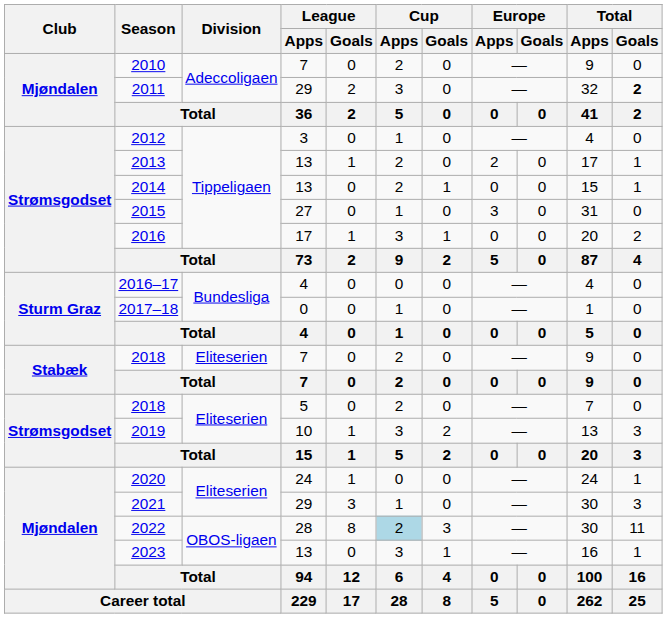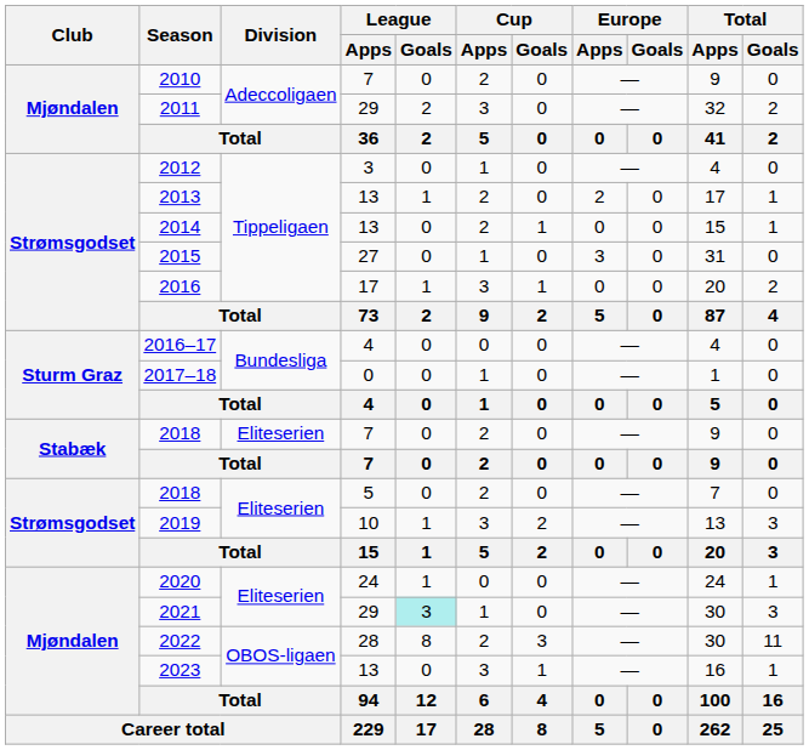 <table class="wikitable" style="text-align: center;">
 <tr>
 <th rowspan="2">Club</th>
 <th rowspan="2">Season</th>
 <th rowspan="2">Division</th>
 <th colspan="2">League</th>
 <th colspan="2">Cup</th>
 <th colspan="2">Europe</th>
 <th colspan="2">Total</th>
 </tr>
 <tr>
 <th>Apps</th>
 <th>Goals</th>
 <th>Apps</th>
 <th>Goals</th>
 <th>Apps</th>
 <th>Goals</th>
 <th>Apps</th>
 <th>Goals</th>
 </tr>
 <tr>
 <th rowspan="3" valign="center"><a href='#'>Mjøndalen</a></th>
 <td><a href='#'>2010</a></td>
 <td rowspan="2" valign="center"><a href='#'>Adeccoligaen</a></td>
 <td>7</td>
 <td>0</td>
 <td>2</td>
 <td>0</td>
 <td colspan="2">—</td>
 <td>9</td>
 <td>0</td>
 </tr>
 <tr>
 <td><a href='#'>2011</a></td>
 <td>29</td>
 <td>2</td>
 <td>3</td>
 <td>0</td>
 <td colspan="2">—</td>
 <td>32</td>
-<td><strong>2</strong></td>
+<td>2</td>
 </tr>
 <tr>
 <th colspan="2">Total</th>
 <th>36</th>
 <th>2</th>
 <th>5</th>
 <th>0</th>
 <th>0</th>
 <th>0</th>
 <th>41</th>
 <th>2</th>
 </tr>
 <tr>
 <th rowspan="6" valign="center"><a href='#'>Strømsgodset</a></th>
 <td><a href='#'>2012</a></td>
 <td rowspan="5" valign="center"><a href='#'>Tippeligaen</a></td>
 <td>3</td>
 <td>0</td>
 <td>1</td>
 <td>0</td>
 <td colspan="2">—</td>
 <td>4</td>
 <td>0</td>
 </tr>
 <tr>
 <td><a href='#'>2013</a></td>
 <td>13</td>
 <td>1</td>
 <td>2</td>
 <td>0</td>
 <td>2</td>
 <td>0</td>
 <td>17</td>
 <td>1</td>
 </tr>
 <tr>
 <td><a href='#'>2014</a></td>
 <td>13</td>
 <td>0</td>
 <td>2</td>
 <td>1</td>
 <td>0</td>
 <td>0</td>
 <td>15</td>
 <td>1</td>
 </tr>
 <tr>
 <td><a href='#'>2015</a></td>
 <td>27</td>
 <td>0</td>
 <td>1</td>
 <td>0</td>
 <td>3</td>
 <td>0</td>
 <td>31</td>
 <td>0</td>
 </tr>
 <tr>
 <td><a href='#'>2016</a></td>
 <td>17</td>
 <td>1</td>
 <td>3</td>
 <td>1</td>
 <td>0</td>
 <td>0</td>
 <td>20</td>
 <td>2</td>
 </tr>
 <tr>
 <th colspan="2">Total</th>
 <th>73</th>
 <th>2</th>
 <th>9</th>
 <th>2</th>
 <th>5</th>
 <th>0</th>
 <th>87</th>
 <th>4</th>
 </tr>
 <tr>
 <th rowspan="3" valign="center"><a href='#'>Sturm Graz</a></th>
 <td><a href='#'>2016–17</a></td>
 <td rowspan="2" valign="center"><a href='#'>Bundesliga</a></td>
 <td>4</td>
 <td>0</td>
 <td>0</td>
 <td>0</td>
 <td colspan="2">—</td>
 <td>4</td>
 <td>0</td>
 </tr>
 <tr>
 <td><a href='#'>2017–18</a></td>
 <td>0</td>
 <td>0</td>
 <td>1</td>
 <td>0</td>
 <td colspan="2">—</td>
 <td>1</td>
 <td>0</td>
 </tr>
 <tr>
 <th colspan="2">Total</th>
 <th>4</th>
 <th>0</th>
 <th>1</th>
 <th>0</th>
 <th>0</th>
 <th>0</th>
 <th>5</th>
 <th>0</th>
 </tr>
 <tr>
 <th rowspan="2" valign="center"><a href='#'>Stabæk</a></th>
 <td><a href='#'>2018</a></td>
 <td rowspan="1" valign="center"><a href='#'>Eliteserien</a></td>
 <td>7</td>
 <td>0</td>
 <td>2</td>
 <td>0</td>
 <td colspan="2">—</td>
 <td>9</td>
 <td>0</td>
 </tr>
 <tr>
 <th colspan="2">Total</th>
 <th>7</th>
 <th>0</th>
 <th>2</th>
 <th>0</th>
 <th>0</th>
 <th>0</th>
 <th>9</th>
 <th>0</th>
 </tr>
 <tr>
 <th rowspan="3" valign="center"><a href='#'>Strømsgodset</a></th>
 <td><a href='#'>2018</a></td>
 <td rowspan="2" valign="center"><a href='#'>Eliteserien</a></td>
 <td>5</td>
 <td>0</td>
 <td>2</td>
 <td>0</td>
 <td colspan="2">—</td>
 <td>7</td>
 <td>0</td>
 </tr>
 <tr>
 <td><a href='#'>2019</a></td>
 <td>10</td>
 <td>1</td>
 <td>3</td>
 <td>2</td>
 <td colspan="2">—</td>
 <td>13</td>
 <td>3</td>
 </tr>
 <tr>
 <th colspan="2">Total</th>
 <th>15</th>
 <th>1</th>
 <th>5</th>
 <th>2</th>
 <th>0</th>
 <th>0</th>
 <th>20</th>
 <th>3</th>
 </tr>
 <tr>
 <th rowspan="5" valign="center"><a href='#'>Mjøndalen</a></th>
 <td><a href='#'>2020</a></td>
 <td rowspan="2" valign="center"><a href='#'>Eliteserien</a></td>
 <td>24</td>
 <td>1</td>
 <td>0</td>
 <td>0</td>
 <td colspan="2">—</td>
 <td>24</td>
 <td>1</td>
 </tr>
 <tr>
 <td><a href='#'>2021</a></td>
 <td>29</td>
-<td>3</td>
+<td style="background: paleturquoise;">3</td>
 <td>1</td>
 <td>0</td>
 <td colspan="2">—</td>
 <td>30</td>
 <td>3</td>
 </tr>
 <tr>
 <td><a href='#'>2022</a></td>
 <td rowspan="2" valign="center"><a href='#'>OBOS-ligaen</a></td>
 <td>28</td>
 <td>8</td>
-<td style="background: lightblue;">2</td>
+<td>2</td>
 <td>3</td>
 <td colspan="2">—</td>
 <td>30</td>
 <td>11</td>
 </tr>
 <tr>
 <td><a href='#'>2023</a></td>
 <td>13</td>
 <td>0</td>
 <td>3</td>
 <td>1</td>
 <td colspan="2">—</td>
 <td>16</td>
 <td>1</td>
 </tr>
 <tr>
 <th colspan="2">Total</th>
 <th>94</th>
 <th>12</th>
 <th>6</th>
 <th>4</th>
 <th>0</th>
 <th>0</th>
 <th>100</th>
 <th>16</th>
 </tr>
 <tr>
 <th colspan="3">Career total</th>
 <th>229</th>
 <th>17</th>
 <th>28</th>
 <th>8</th>
 <th>5</th>
 <th>0</th>
 <th>262</th>
 <th>25</th>
 </tr>
 </table>
